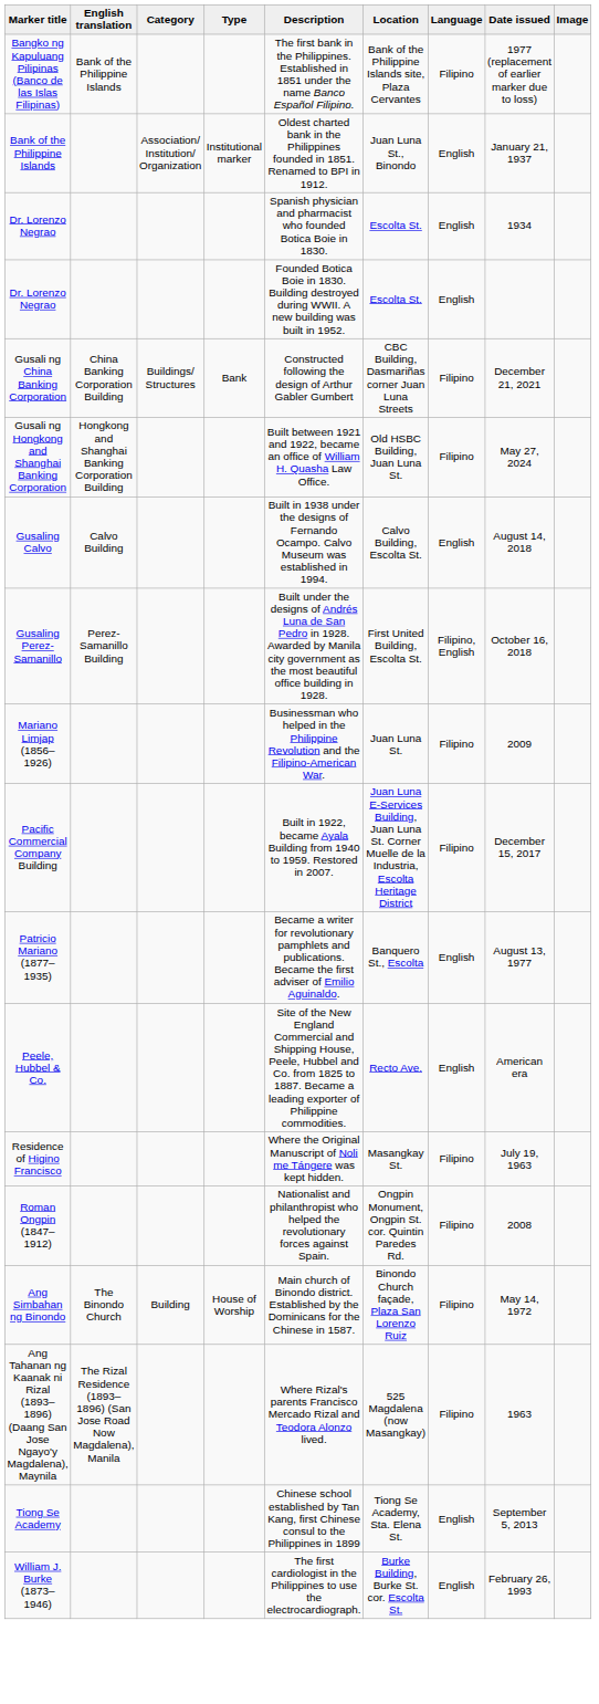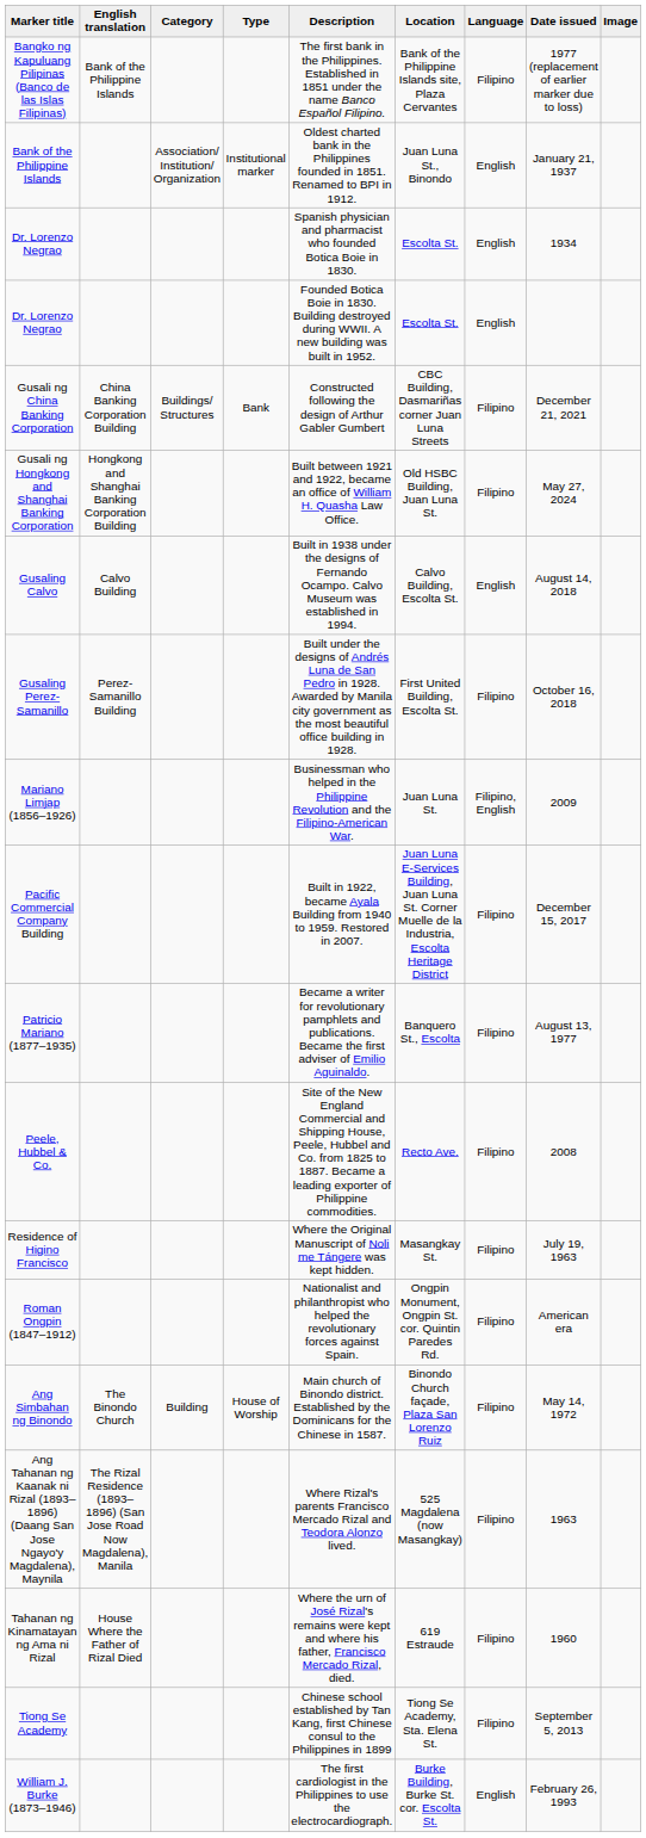 <table class="wikitable" style="width:90%; text-align:center;">
 <tr>
 <th style="width:20%; background:#efefef;">Marker title</th>
 <th style="width:20%; background:#efefef;">English translation</th>
 <th style="width:10%; background:#efefef;">Category</th>
 <th style="width:10%; background:#efefef;">Type</th>
 <th style="width:20%; background:#efefef;">Description</th>
 <th style="width:20%; background:#efefef;">Location</th>
 <th style="width:10%; background:#efefef;">Language</th>
 <th style="width:10%; background:#efefef;">Date issued</th>
 <th style="width:10%; background:#efefef;">Image</th>
 </tr>
 <tr>
 <td><a href='#'>Bangko ng Kapuluang Pilipinas (Banco de las Islas Filipinas)</a></td>
 <td>Bank of the Philippine Islands</td>
 <td></td>
 <td></td>
 <td>The first bank in the Philippines. Established in 1851 under the name <em>Banco Español Filipino.</em></td>
 <td>Bank of the Philippine Islands site, Plaza Cervantes</td>
 <td>Filipino</td>
 <td>1977 (replacement of earlier marker due to loss)</td>
 <td></td>
 </tr>
 <tr>
 <td><a href='#'>Bank of the Philippine Islands</a></td>
 <td></td>
 <td>Association/<br>Institution/ Organization</td>
 <td>Institutional marker</td>
 <td>Oldest charted bank in the Philippines founded in 1851. Renamed to BPI in 1912.</td>
 <td>Juan Luna St., Binondo</td>
 <td>English</td>
 <td>January 21, 1937</td>
 <td></td>
 </tr>
 <tr>
 <td><a href='#'>Dr. Lorenzo Negrao</a></td>
 <td></td>
 <td></td>
 <td></td>
 <td>Spanish physician and pharmacist who founded Botica Boie in 1830.</td>
 <td><a href='#'>Escolta St.</a></td>
 <td>English</td>
 <td>1934</td>
 <td></td>
 </tr>
 <tr>
 <td><a href='#'>Dr. Lorenzo Negrao</a></td>
 <td></td>
 <td></td>
 <td></td>
 <td>Founded Botica Boie in 1830. Building destroyed during WWII. A new building was built in 1952.</td>
 <td><a href='#'>Escolta St.</a></td>
 <td>English</td>
 <td></td>
 <td></td>
 </tr>
 <tr>
 <td>Gusali ng <a href='#'>China Banking Corporation</a></td>
 <td>China Banking Corporation Building</td>
 <td>Buildings/ Structures</td>
 <td>Bank</td>
 <td>Constructed following the design of Arthur Gabler Gumbert</td>
 <td>CBC Building, Dasmariñas corner Juan Luna Streets</td>
 <td>Filipino</td>
 <td>December 21, 2021</td>
 <td></td>
 </tr>
 <tr>
 <td>Gusali ng <a href='#'>Hongkong and Shanghai Banking Corporation</a></td>
 <td>Hongkong and Shanghai Banking Corporation Building</td>
 <td></td>
 <td></td>
 <td>Built between 1921 and 1922, became an office of <a href='#'>William H. Quasha</a> Law Office.</td>
 <td>Old HSBC Building, Juan Luna St.</td>
 <td>Filipino</td>
 <td>May 27, 2024</td>
 <td></td>
 </tr>
 <tr>
 <td><a href='#'>Gusaling Calvo</a></td>
 <td>Calvo Building</td>
 <td></td>
 <td></td>
 <td>Built in 1938 under the designs of Fernando Ocampo. Calvo Museum was established in 1994.</td>
 <td>Calvo Building, Escolta St.</td>
 <td>English</td>
 <td>August 14, 2018</td>
 <td></td>
 </tr>
 <tr>
 <td><a href='#'>Gusaling Perez-Samanillo</a></td>
 <td>Perez-Samanillo Building</td>
 <td></td>
 <td></td>
 <td>Built under the designs of <a href='#'>Andrés Luna de San Pedro</a> in 1928. Awarded by Manila city government as the most beautiful office building in 1928.</td>
 <td>First United Building, Escolta St.</td>
-<td>Filipino, English</td>
+<td>Filipino</td>
 <td>October 16, 2018</td>
 <td></td>
 </tr>
 <tr>
 <td><a href='#'>Mariano Limjap</a> <br> (1856–1926)</td>
 <td></td>
 <td></td>
 <td></td>
 <td>Businessman who helped in the <a href='#'>Philippine Revolution</a> and the <a href='#'>Filipino-American War</a>.</td>
 <td>Juan Luna St.</td>
-<td>Filipino</td>
+<td>Filipino, English</td>
 <td>2009</td>
 <td></td>
 </tr>
 <tr>
 <td><a href='#'>Pacific Commercial Company</a> Building</td>
 <td></td>
 <td></td>
 <td></td>
 <td>Built in 1922, became <a href='#'>Ayala</a> Building from 1940 to 1959. Restored in 2007.</td>
 <td><a href='#'>Juan Luna E-Services Building</a>, Juan Luna St. Corner Muelle de la Industria, <a href='#'>Escolta Heritage District</a></td>
 <td>Filipino</td>
 <td>December 15, 2017</td>
 <td></td>
 </tr>
 <tr>
 <td><a href='#'>Patricio Mariano</a> <br> (1877–1935)</td>
 <td></td>
 <td></td>
 <td></td>
 <td>Became a writer for revolutionary pamphlets and publications. Became the first adviser of <a href='#'>Emilio Aguinaldo</a>.</td>
 <td>Banquero St., <a href='#'>Escolta</a></td>
-<td>English</td>
+<td>Filipino</td>
 <td>August 13, 1977</td>
 <td></td>
 </tr>
 <tr>
 <td><a href='#'>Peele, Hubbel & Co.</a></td>
 <td></td>
 <td></td>
 <td></td>
 <td>Site of the New England Commercial and Shipping House, Peele, Hubbel and Co. from 1825 to 1887. Became a leading exporter of Philippine commodities.</td>
 <td><a href='#'>Recto Ave.</a></td>
-<td>English</td>
-<td>American era</td>
+<td>Filipino</td>
+<td>2008</td>
 <td></td>
 </tr>
 <tr>
 <td>Residence of <a href='#'>Higino Francisco</a></td>
 <td></td>
 <td></td>
 <td></td>
 <td>Where the Original Manuscript of <a href='#'>Noli me Tángere</a> was kept hidden.</td>
 <td>Masangkay St.</td>
 <td>Filipino</td>
 <td>July 19, 1963</td>
 <td><br></td>
 </tr>
 <tr>
 <td><a href='#'>Roman Ongpin</a> <br> (1847–1912)</td>
 <td></td>
 <td></td>
 <td></td>
 <td>Nationalist and philanthropist who helped the revolutionary forces against Spain.</td>
 <td>Ongpin Monument, Ongpin St. cor. Quintin Paredes Rd.</td>
 <td>Filipino</td>
-<td>2008</td>
+<td>American era</td>
 <td></td>
 </tr>
 <tr>
 <td><a href='#'>Ang Simbahan ng Binondo</a></td>
 <td>The Binondo Church</td>
 <td>Building</td>
 <td>House of Worship</td>
 <td>Main church of Binondo district. Established by the Dominicans for the Chinese in 1587.</td>
 <td>Binondo Church façade, <a href='#'>Plaza San Lorenzo Ruiz</a></td>
 <td>Filipino</td>
 <td>May 14, 1972</td>
 <td></td>
 </tr>
 <tr>
 <td>Ang Tahanan ng Kaanak ni Rizal (1893–1896) (Daang San Jose Ngayo'y Magdalena), Maynila</td>
 <td>The Rizal Residence (1893–1896) (San Jose Road Now Magdalena), Manila</td>
 <td></td>
 <td></td>
 <td>Where Rizal's parents Francisco Mercado Rizal and <a href='#'>Teodora Alonzo</a> lived.</td>
 <td>525 Magdalena (now Masangkay)</td>
 <td>Filipino</td>
 <td>1963</td>
 <td></td>
 </tr>
 <tr>
+<td>Tahanan ng Kinamatayan ng Ama ni Rizal</td>
+<td>House Where the Father of Rizal Died</td>
+<td></td>
+<td></td>
+<td>Where the urn of <a href='#'>José Rizal</a>'s remains were kept and where his father, <a href='#'>Francisco Mercado Rizal</a>, died.</td>
+<td>619 Estraude</td>
+<td>Filipino</td>
+<td>1960</td>
+<td></td>
+</tr>
+<tr>
 <td><a href='#'>Tiong Se Academy</a></td>
 <td></td>
 <td></td>
 <td></td>
 <td>Chinese school established by Tan Kang, first Chinese consul to the Philippines in 1899</td>
 <td>Tiong Se Academy, Sta. Elena St.</td>
-<td>English</td>
+<td>Filipino</td>
 <td>September 5, 2013</td>
 <td><br></td>
 </tr>
 <tr>
 <td><a href='#'>William J. Burke</a> <br> (1873–1946)</td>
 <td></td>
 <td></td>
 <td></td>
 <td>The first cardiologist in the Philippines to use the electrocardiograph.</td>
 <td><a href='#'>Burke Building</a>, Burke St. cor. <a href='#'>Escolta St.</a></td>
 <td>English</td>
 <td>February 26, 1993</td>
 <td></td>
 </tr>
 </table>
